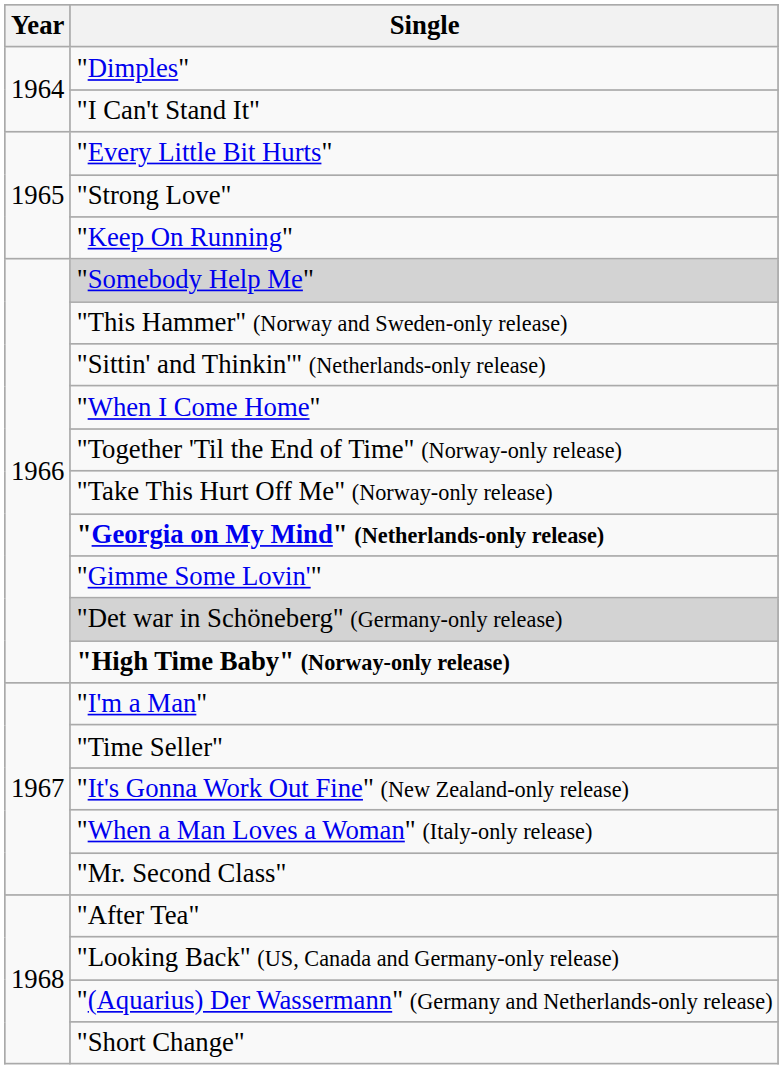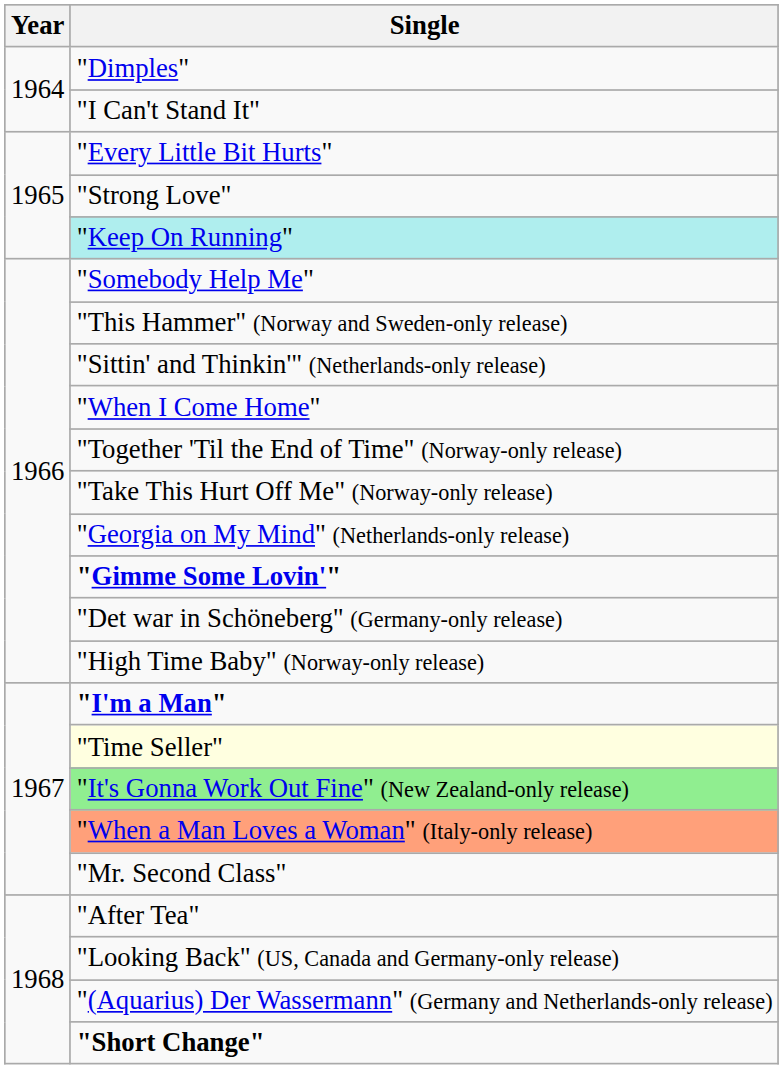 <table class="wikitable">
 <tr>
 <th>Year</th>
 <th>Single</th>
 </tr>
 <tr>
 <td rowspan="2">1964</td>
 <td>"<a href='#'>Dimples</a>"</td>
 </tr>
 <tr>
 <td>"I Can't Stand It"</td>
 </tr>
 <tr>
 <td rowspan="3">1965</td>
 <td>"<a href='#'>Every Little Bit Hurts</a>"</td>
 </tr>
 <tr>
 <td>"Strong Love"</td>
 </tr>
 <tr>
-<td>"<a href='#'>Keep On Running</a>"</td>
+<td style="background: paleturquoise;">"<a href='#'>Keep On Running</a>"</td>
 </tr>
 <tr>
 <td rowspan="10">1966</td>
-<td style="background: lightgrey;">"<a href='#'>Somebody Help Me</a>"</td>
+<td>"<a href='#'>Somebody Help Me</a>"</td>
 </tr>
 <tr>
 <td>"This Hammer" <small>(Norway and Sweden-only release)</small></td>
 </tr>
 <tr>
 <td>"Sittin' and Thinkin'" <small>(Netherlands-only release)</small></td>
 </tr>
 <tr>
 <td>"<a href='#'>When I Come Home</a>"</td>
 </tr>
 <tr>
 <td>"Together 'Til the End of Time" <small>(Norway-only release)</small></td>
 </tr>
 <tr>
 <td>"Take This Hurt Off Me" <small>(Norway-only release)</small></td>
 </tr>
 <tr>
-<td><strong>"<a href='#'>Georgia on My Mind</a>" <small>(Netherlands-only release)</small></strong></td>
+<td>"<a href='#'>Georgia on My Mind</a>" <small>(Netherlands-only release)</small></td>
 </tr>
 <tr>
-<td>"<a href='#'>Gimme Some Lovin'</a>"</td>
+<td><strong>"<a href='#'>Gimme Some Lovin'</a>"</strong></td>
 </tr>
 <tr>
-<td style="background: lightgrey;">"Det war in Schöneberg" <small>(Germany-only release)</small></td>
+<td>"Det war in Schöneberg" <small>(Germany-only release)</small></td>
 </tr>
 <tr>
-<td><strong>"High Time Baby" <small>(Norway-only release)</small></strong></td>
+<td>"High Time Baby" <small>(Norway-only release)</small></td>
 </tr>
 <tr>
 <td rowspan="5">1967</td>
-<td>"<a href='#'>I'm a Man</a>"</td>
+<td><strong>"<a href='#'>I'm a Man</a>"</strong></td>
 </tr>
 <tr>
-<td>"Time Seller"</td>
+<td style="background: lightyellow;">"Time Seller"</td>
 </tr>
 <tr>
-<td>"<a href='#'>It's Gonna Work Out Fine</a>" <small>(New Zealand-only release)</small></td>
+<td style="background: lightgreen;">"<a href='#'>It's Gonna Work Out Fine</a>" <small>(New Zealand-only release)</small></td>
 </tr>
 <tr>
-<td>"<a href='#'>When a Man Loves a Woman</a>" <small>(Italy-only release)</small></td>
+<td style="background: lightsalmon;">"<a href='#'>When a Man Loves a Woman</a>" <small>(Italy-only release)</small></td>
 </tr>
 <tr>
 <td>"Mr. Second Class"</td>
 </tr>
 <tr>
 <td rowspan="4">1968</td>
 <td>"After Tea"</td>
 </tr>
 <tr>
 <td>"Looking Back" <small>(US, Canada and Germany-only release)</small></td>
 </tr>
 <tr>
 <td>"<a href='#'>(Aquarius) Der Wassermann</a>" <small>(Germany and Netherlands-only release)</small></td>
 </tr>
 <tr>
-<td>"Short Change"</td>
+<td><strong>"Short Change"</strong></td>
 </tr>
 </table>
